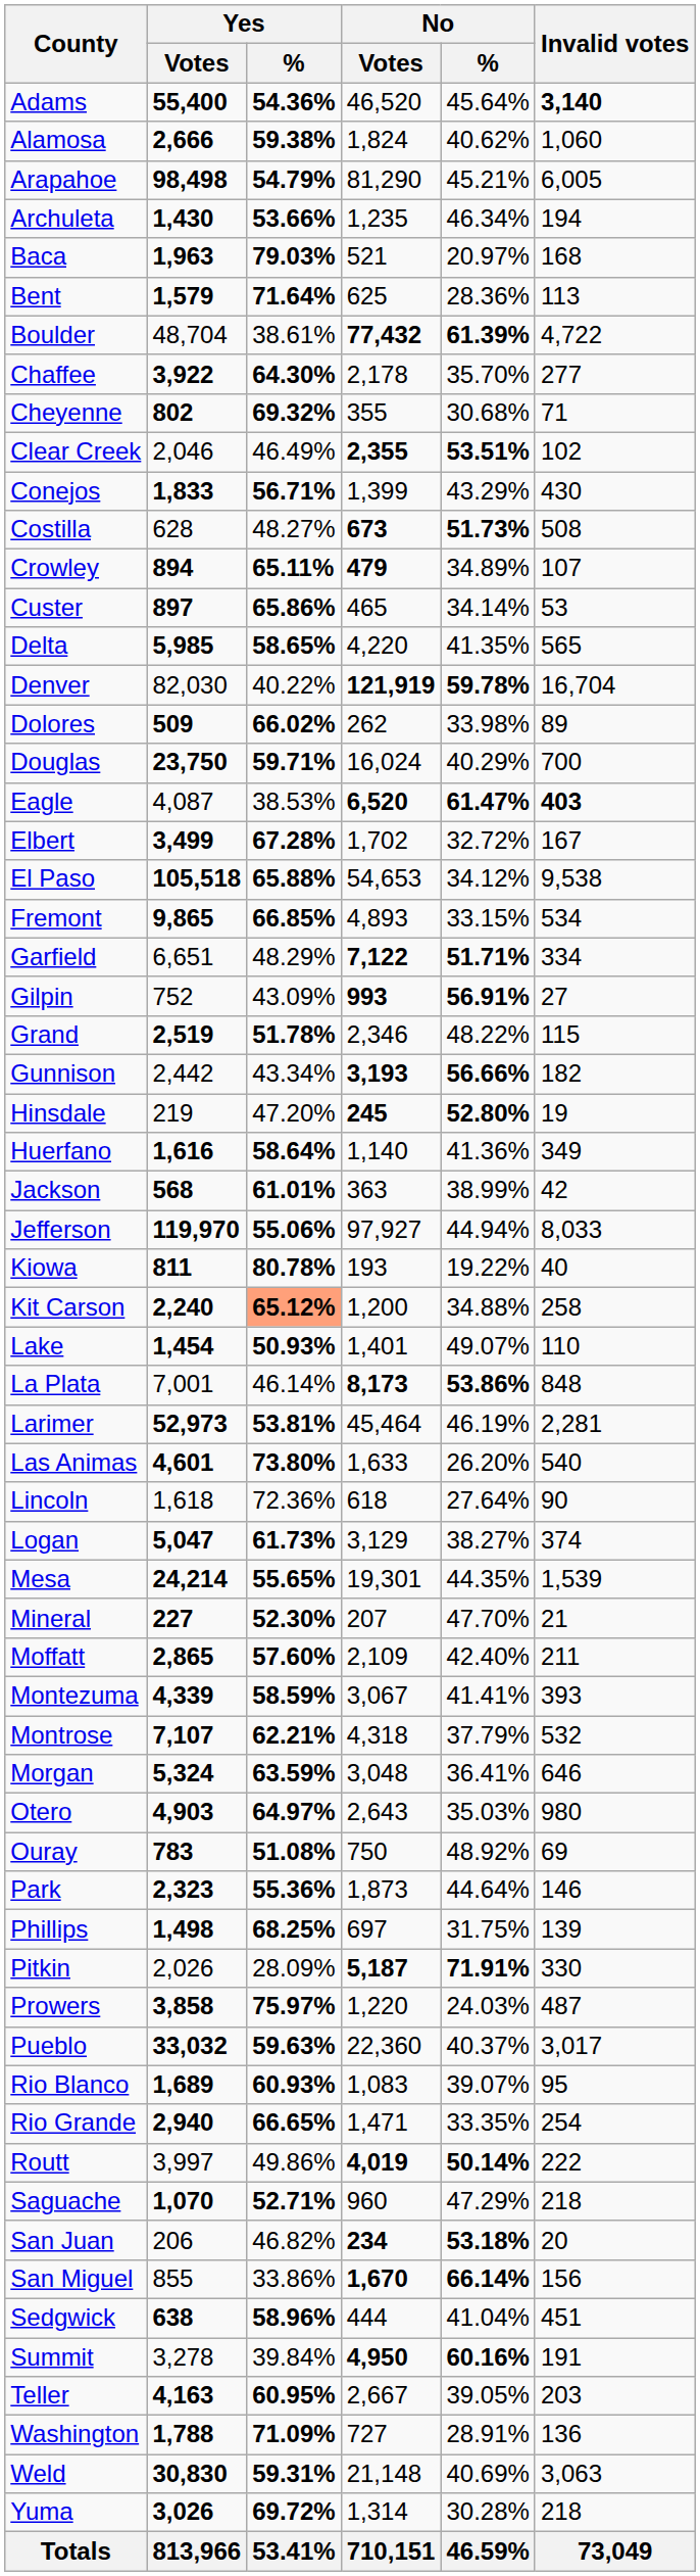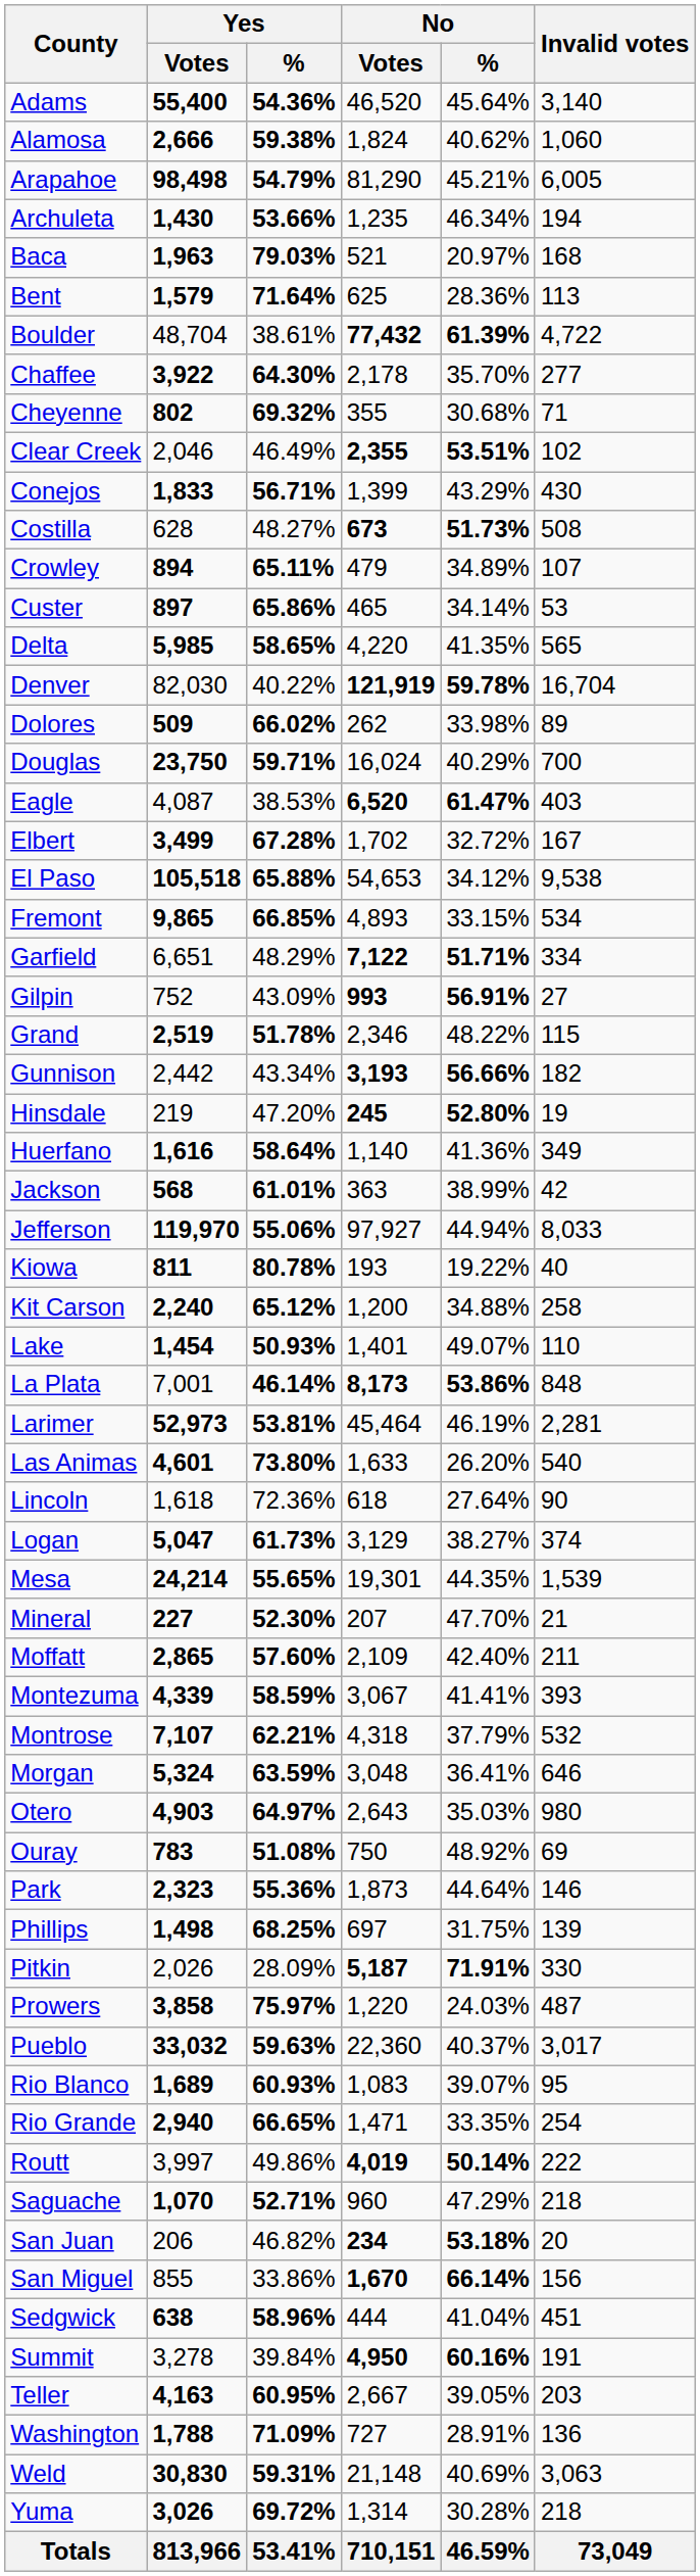 <table class="wikitable sortable">
 <tr>
 <th rowspan=2>County</th>
 <th colspan=2>Yes</th>
 <th colspan=2>No</th>
 <th rowspan=2>Invalid votes</th>
 </tr>
 <tr>
 <th>Votes</th>
 <th>%</th>
 <th>Votes</th>
 <th>%</th>
 </tr>
 <tr>
 <td><a href='#'>Adams</a></td>
 <td><strong>55,400</strong></td>
 <td><strong>54.36%</strong></td>
 <td>46,520</td>
 <td>45.64%</td>
-<td><strong>3,140</strong></td>
+<td>3,140</td>
 </tr>
 <tr>
 <td><a href='#'>Alamosa</a></td>
 <td><strong>2,666</strong></td>
 <td><strong>59.38%</strong></td>
 <td>1,824</td>
 <td>40.62%</td>
 <td>1,060</td>
 </tr>
 <tr>
 <td><a href='#'>Arapahoe</a></td>
 <td><strong>98,498</strong></td>
 <td><strong>54.79%</strong></td>
 <td>81,290</td>
 <td>45.21%</td>
 <td>6,005</td>
 </tr>
 <tr>
 <td><a href='#'>Archuleta</a></td>
 <td><strong>1,430</strong></td>
 <td><strong>53.66%</strong></td>
 <td>1,235</td>
 <td>46.34%</td>
 <td>194</td>
 </tr>
 <tr>
 <td><a href='#'>Baca</a></td>
 <td><strong>1,963</strong></td>
 <td><strong>79.03%</strong></td>
 <td>521</td>
 <td>20.97%</td>
 <td>168</td>
 </tr>
 <tr>
 <td><a href='#'>Bent</a></td>
 <td><strong>1,579</strong></td>
 <td><strong>71.64%</strong></td>
 <td>625</td>
 <td>28.36%</td>
 <td>113</td>
 </tr>
 <tr>
 <td><a href='#'>Boulder</a></td>
 <td>48,704</td>
 <td>38.61%</td>
 <td><strong>77,432</strong></td>
 <td><strong>61.39%</strong></td>
 <td>4,722</td>
 </tr>
 <tr>
 <td><a href='#'>Chaffee</a></td>
 <td><strong>3,922</strong></td>
 <td><strong>64.30%</strong></td>
 <td>2,178</td>
 <td>35.70%</td>
 <td>277</td>
 </tr>
 <tr>
 <td><a href='#'>Cheyenne</a></td>
 <td><strong>802</strong></td>
 <td><strong>69.32%</strong></td>
 <td>355</td>
 <td>30.68%</td>
 <td>71</td>
 </tr>
 <tr>
 <td><a href='#'>Clear Creek</a></td>
 <td>2,046</td>
 <td>46.49%</td>
 <td><strong>2,355</strong></td>
 <td><strong>53.51%</strong></td>
 <td>102</td>
 </tr>
 <tr>
 <td><a href='#'>Conejos</a></td>
 <td><strong>1,833</strong></td>
 <td><strong>56.71%</strong></td>
 <td>1,399</td>
 <td>43.29%</td>
 <td>430</td>
 </tr>
 <tr>
 <td><a href='#'>Costilla</a></td>
 <td>628</td>
 <td>48.27%</td>
 <td><strong>673</strong></td>
 <td><strong>51.73%</strong></td>
 <td>508</td>
 </tr>
 <tr>
 <td><a href='#'>Crowley</a></td>
 <td><strong>894</strong></td>
 <td><strong>65.11%</strong></td>
-<td><strong>479</strong></td>
+<td>479</td>
 <td>34.89%</td>
 <td>107</td>
 </tr>
 <tr>
 <td><a href='#'>Custer</a></td>
 <td><strong>897</strong></td>
 <td><strong>65.86%</strong></td>
 <td>465</td>
 <td>34.14%</td>
 <td>53</td>
 </tr>
 <tr>
 <td><a href='#'>Delta</a></td>
 <td><strong>5,985</strong></td>
 <td><strong>58.65%</strong></td>
 <td>4,220</td>
 <td>41.35%</td>
 <td>565</td>
 </tr>
 <tr>
 <td><a href='#'>Denver</a></td>
 <td>82,030</td>
 <td>40.22%</td>
 <td><strong>121,919</strong></td>
 <td><strong>59.78%</strong></td>
 <td>16,704</td>
 </tr>
 <tr>
 <td><a href='#'>Dolores</a></td>
 <td><strong>509</strong></td>
 <td><strong>66.02%</strong></td>
 <td>262</td>
 <td>33.98%</td>
 <td>89</td>
 </tr>
 <tr>
 <td><a href='#'>Douglas</a></td>
 <td><strong>23,750</strong></td>
 <td><strong>59.71%</strong></td>
 <td>16,024</td>
 <td>40.29%</td>
 <td>700</td>
 </tr>
 <tr>
 <td><a href='#'>Eagle</a></td>
 <td>4,087</td>
 <td>38.53%</td>
 <td><strong>6,520</strong></td>
 <td><strong>61.47%</strong></td>
-<td><strong>403</strong></td>
+<td>403</td>
 </tr>
 <tr>
 <td><a href='#'>Elbert</a></td>
 <td><strong>3,499</strong></td>
 <td><strong>67.28%</strong></td>
 <td>1,702</td>
 <td>32.72%</td>
 <td>167</td>
 </tr>
 <tr>
 <td><a href='#'>El Paso</a></td>
 <td><strong>105,518</strong></td>
 <td><strong>65.88%</strong></td>
 <td>54,653</td>
 <td>34.12%</td>
 <td>9,538</td>
 </tr>
 <tr>
 <td><a href='#'>Fremont</a></td>
 <td><strong>9,865</strong></td>
 <td><strong>66.85%</strong></td>
 <td>4,893</td>
 <td>33.15%</td>
 <td>534</td>
 </tr>
 <tr>
 <td><a href='#'>Garfield</a></td>
 <td>6,651</td>
 <td>48.29%</td>
 <td><strong>7,122</strong></td>
 <td><strong>51.71%</strong></td>
 <td>334</td>
 </tr>
 <tr>
 <td><a href='#'>Gilpin</a></td>
 <td>752</td>
 <td>43.09%</td>
 <td><strong>993</strong></td>
 <td><strong>56.91%</strong></td>
 <td>27</td>
 </tr>
 <tr>
 <td><a href='#'>Grand</a></td>
 <td><strong>2,519</strong></td>
 <td><strong>51.78%</strong></td>
 <td>2,346</td>
 <td>48.22%</td>
 <td>115</td>
 </tr>
 <tr>
 <td><a href='#'>Gunnison</a></td>
 <td>2,442</td>
 <td>43.34%</td>
 <td><strong>3,193</strong></td>
 <td><strong>56.66%</strong></td>
 <td>182</td>
 </tr>
 <tr>
 <td><a href='#'>Hinsdale</a></td>
 <td>219</td>
 <td>47.20%</td>
 <td><strong>245</strong></td>
 <td><strong>52.80%</strong></td>
 <td>19</td>
 </tr>
 <tr>
 <td><a href='#'>Huerfano</a></td>
 <td><strong>1,616</strong></td>
 <td><strong>58.64%</strong></td>
 <td>1,140</td>
 <td>41.36%</td>
 <td>349</td>
 </tr>
 <tr>
 <td><a href='#'>Jackson</a></td>
 <td><strong>568</strong></td>
 <td><strong>61.01%</strong></td>
 <td>363</td>
 <td>38.99%</td>
 <td>42</td>
 </tr>
 <tr>
 <td><a href='#'>Jefferson</a></td>
 <td><strong>119,970</strong></td>
 <td><strong>55.06%</strong></td>
 <td>97,927</td>
 <td>44.94%</td>
 <td>8,033</td>
 </tr>
 <tr>
 <td><a href='#'>Kiowa</a></td>
 <td><strong>811</strong></td>
 <td><strong>80.78%</strong></td>
 <td>193</td>
 <td>19.22%</td>
 <td>40</td>
 </tr>
 <tr>
 <td><a href='#'>Kit Carson</a></td>
 <td><strong>2,240</strong></td>
-<td style="background: lightsalmon;"><strong>65.12%</strong></td>
+<td><strong>65.12%</strong></td>
 <td>1,200</td>
 <td>34.88%</td>
 <td>258</td>
 </tr>
 <tr>
 <td><a href='#'>Lake</a></td>
 <td><strong>1,454</strong></td>
 <td><strong>50.93%</strong></td>
 <td>1,401</td>
 <td>49.07%</td>
 <td>110</td>
 </tr>
 <tr>
 <td><a href='#'>La Plata</a></td>
 <td>7,001</td>
-<td>46.14%</td>
+<td><strong>46.14%</strong></td>
 <td><strong>8,173</strong></td>
 <td><strong>53.86%</strong></td>
 <td>848</td>
 </tr>
 <tr>
 <td><a href='#'>Larimer</a></td>
 <td><strong>52,973</strong></td>
 <td><strong>53.81%</strong></td>
 <td>45,464</td>
 <td>46.19%</td>
 <td>2,281</td>
 </tr>
 <tr>
 <td><a href='#'>Las Animas</a></td>
 <td><strong>4,601</strong></td>
 <td><strong>73.80%</strong></td>
 <td>1,633</td>
 <td>26.20%</td>
 <td>540</td>
 </tr>
 <tr>
 <td><a href='#'>Lincoln</a></td>
 <td>1,618</td>
 <td>72.36%</td>
 <td>618</td>
 <td>27.64%</td>
 <td>90</td>
 </tr>
 <tr>
 <td><a href='#'>Logan</a></td>
 <td><strong>5,047</strong></td>
 <td><strong>61.73%</strong></td>
 <td>3,129</td>
 <td>38.27%</td>
 <td>374</td>
 </tr>
 <tr>
 <td><a href='#'>Mesa</a></td>
 <td><strong>24,214</strong></td>
 <td><strong>55.65%</strong></td>
 <td>19,301</td>
 <td>44.35%</td>
 <td>1,539</td>
 </tr>
 <tr>
 <td><a href='#'>Mineral</a></td>
 <td><strong>227</strong></td>
 <td><strong>52.30%</strong></td>
 <td>207</td>
 <td>47.70%</td>
 <td>21</td>
 </tr>
 <tr>
 <td><a href='#'>Moffatt</a></td>
 <td><strong>2,865</strong></td>
 <td><strong>57.60%</strong></td>
 <td>2,109</td>
 <td>42.40%</td>
 <td>211</td>
 </tr>
 <tr>
 <td><a href='#'>Montezuma</a></td>
 <td><strong>4,339</strong></td>
 <td><strong>58.59%</strong></td>
 <td>3,067</td>
 <td>41.41%</td>
 <td>393</td>
 </tr>
 <tr>
 <td><a href='#'>Montrose</a></td>
 <td><strong>7,107</strong></td>
 <td><strong>62.21%</strong></td>
 <td>4,318</td>
 <td>37.79%</td>
 <td>532</td>
 </tr>
 <tr>
 <td><a href='#'>Morgan</a></td>
 <td><strong>5,324</strong></td>
 <td><strong>63.59%</strong></td>
 <td>3,048</td>
 <td>36.41%</td>
 <td>646</td>
 </tr>
 <tr>
 <td><a href='#'>Otero</a></td>
 <td><strong>4,903</strong></td>
 <td><strong>64.97%</strong></td>
 <td>2,643</td>
 <td>35.03%</td>
 <td>980</td>
 </tr>
 <tr>
 <td><a href='#'>Ouray</a></td>
 <td><strong>783</strong></td>
 <td><strong>51.08%</strong></td>
 <td>750</td>
 <td>48.92%</td>
 <td>69</td>
 </tr>
 <tr>
 <td><a href='#'>Park</a></td>
 <td><strong>2,323</strong></td>
 <td><strong>55.36%</strong></td>
 <td>1,873</td>
 <td>44.64%</td>
 <td>146</td>
 </tr>
 <tr>
 <td><a href='#'>Phillips</a></td>
 <td><strong>1,498</strong></td>
 <td><strong>68.25%</strong></td>
 <td>697</td>
 <td>31.75%</td>
 <td>139</td>
 </tr>
 <tr>
 <td><a href='#'>Pitkin</a></td>
 <td>2,026</td>
 <td>28.09%</td>
 <td><strong>5,187</strong></td>
 <td><strong>71.91%</strong></td>
 <td>330</td>
 </tr>
 <tr>
 <td><a href='#'>Prowers</a></td>
 <td><strong>3,858</strong></td>
 <td><strong>75.97%</strong></td>
 <td>1,220</td>
 <td>24.03%</td>
 <td>487</td>
 </tr>
 <tr>
 <td><a href='#'>Pueblo</a></td>
 <td><strong>33,032</strong></td>
 <td><strong>59.63%</strong></td>
 <td>22,360</td>
 <td>40.37%</td>
 <td>3,017</td>
 </tr>
 <tr>
 <td><a href='#'>Rio Blanco</a></td>
 <td><strong>1,689</strong></td>
 <td><strong>60.93%</strong></td>
 <td>1,083</td>
 <td>39.07%</td>
 <td>95</td>
 </tr>
 <tr>
 <td><a href='#'>Rio Grande</a></td>
 <td><strong>2,940</strong></td>
 <td><strong>66.65%</strong></td>
 <td>1,471</td>
 <td>33.35%</td>
 <td>254</td>
 </tr>
 <tr>
 <td><a href='#'>Routt</a></td>
 <td>3,997</td>
 <td>49.86%</td>
 <td><strong>4,019</strong></td>
 <td><strong>50.14%</strong></td>
 <td>222</td>
 </tr>
 <tr>
 <td><a href='#'>Saguache</a></td>
 <td><strong>1,070</strong></td>
 <td><strong>52.71%</strong></td>
 <td>960</td>
 <td>47.29%</td>
 <td>218</td>
 </tr>
 <tr>
 <td><a href='#'>San Juan</a></td>
 <td>206</td>
 <td>46.82%</td>
 <td><strong>234</strong></td>
 <td><strong>53.18%</strong></td>
 <td>20</td>
 </tr>
 <tr>
 <td><a href='#'>San Miguel</a></td>
 <td>855</td>
 <td>33.86%</td>
 <td><strong>1,670</strong></td>
 <td><strong>66.14%</strong></td>
 <td>156</td>
 </tr>
 <tr>
 <td><a href='#'>Sedgwick</a></td>
 <td><strong>638</strong></td>
 <td><strong>58.96%</strong></td>
 <td>444</td>
 <td>41.04%</td>
 <td>451</td>
 </tr>
 <tr>
 <td><a href='#'>Summit</a></td>
 <td>3,278</td>
 <td>39.84%</td>
 <td><strong>4,950</strong></td>
 <td><strong>60.16%</strong></td>
 <td>191</td>
 </tr>
 <tr>
 <td><a href='#'>Teller</a></td>
 <td><strong>4,163</strong></td>
 <td><strong>60.95%</strong></td>
 <td>2,667</td>
 <td>39.05%</td>
 <td>203</td>
 </tr>
 <tr>
 <td><a href='#'>Washington</a></td>
 <td><strong>1,788</strong></td>
 <td><strong>71.09%</strong></td>
 <td>727</td>
 <td>28.91%</td>
 <td>136</td>
 </tr>
 <tr>
 <td><a href='#'>Weld</a></td>
 <td><strong>30,830</strong></td>
 <td><strong>59.31%</strong></td>
 <td>21,148</td>
 <td>40.69%</td>
 <td>3,063</td>
 </tr>
 <tr>
 <td><a href='#'>Yuma</a></td>
 <td><strong>3,026</strong></td>
 <td><strong>69.72%</strong></td>
 <td>1,314</td>
 <td>30.28%</td>
 <td>218</td>
 </tr>
 <tr>
 <th>Totals</th>
 <th>813,966</th>
 <th>53.41%</th>
 <th>710,151</th>
 <th>46.59%</th>
 <th>73,049</th>
 </tr>
 </table>
